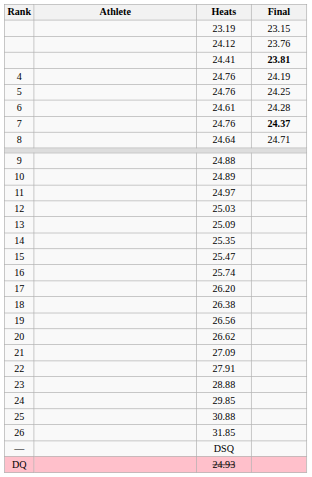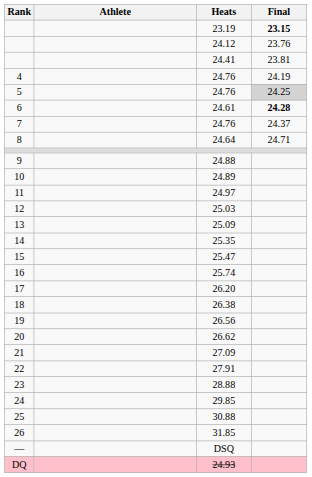 <table class=wikitable style="text-align:center">
 <tr>
 <th width=40>Rank</th>
 <th width=250>Athlete</th>
 <th width=80>Heats</th>
 <th width=80>Final</th>
 </tr>
 <tr>
 <td></td>
 <td align=left></td>
 <td>23.19</td>
-<td>23.15</td>
+<td><strong>23.15</strong></td>
 </tr>
 <tr>
 <td></td>
 <td align=left></td>
 <td>24.12</td>
 <td>23.76</td>
 </tr>
 <tr>
 <td></td>
 <td align=left></td>
 <td>24.41</td>
-<td><strong>23.81</strong></td>
+<td>23.81</td>
 </tr>
 <tr>
 <td>4</td>
 <td align=left></td>
 <td>24.76</td>
 <td>24.19</td>
 </tr>
 <tr>
 <td>5</td>
 <td align=left></td>
 <td>24.76</td>
-<td>24.25</td>
+<td style="background: lightgrey;">24.25</td>
 </tr>
 <tr>
 <td>6</td>
 <td align=left></td>
 <td>24.61</td>
-<td>24.28</td>
+<td><strong>24.28</strong></td>
 </tr>
 <tr>
 <td>7</td>
 <td align=left></td>
 <td>24.76</td>
-<td><strong>24.37</strong></td>
+<td>24.37</td>
 </tr>
 <tr>
 <td>8</td>
 <td align=left></td>
 <td>24.64</td>
 <td>24.71</td>
 </tr>
 <tr bgcolor=#DDDDDD>
 <td colspan=4></td>
 </tr>
 <tr>
 <td>9</td>
 <td align=left></td>
 <td>24.88</td>
 <td></td>
 </tr>
 <tr>
 <td>10</td>
 <td align=left></td>
 <td>24.89</td>
 <td></td>
 </tr>
 <tr>
 <td>11</td>
 <td align=left></td>
 <td>24.97</td>
 <td></td>
 </tr>
 <tr>
 <td>12</td>
 <td align=left></td>
 <td>25.03</td>
 <td></td>
 </tr>
 <tr>
 <td>13</td>
 <td align=left></td>
 <td>25.09</td>
 <td></td>
 </tr>
 <tr>
 <td>14</td>
 <td align=left></td>
 <td>25.35</td>
 <td></td>
 </tr>
 <tr>
 <td>15</td>
 <td align=left></td>
 <td>25.47</td>
 <td></td>
 </tr>
 <tr>
 <td>16</td>
 <td align=left></td>
 <td>25.74</td>
 <td></td>
 </tr>
 <tr>
 <td>17</td>
 <td align=left></td>
 <td>26.20</td>
 <td></td>
 </tr>
 <tr>
 <td>18</td>
 <td align=left></td>
 <td>26.38</td>
 <td></td>
 </tr>
 <tr>
 <td>19</td>
 <td align=left></td>
 <td>26.56</td>
 <td></td>
 </tr>
 <tr>
 <td>20</td>
 <td align=left></td>
 <td>26.62</td>
 <td></td>
 </tr>
 <tr>
 <td>21</td>
 <td align=left></td>
 <td>27.09</td>
 <td></td>
 </tr>
 <tr>
 <td>22</td>
 <td align=left></td>
 <td>27.91</td>
 <td></td>
 </tr>
 <tr>
 <td>23</td>
 <td align=left></td>
 <td>28.88</td>
 <td></td>
 </tr>
 <tr>
 <td>24</td>
 <td align=left></td>
 <td>29.85</td>
 <td></td>
 </tr>
 <tr>
 <td>25</td>
 <td align=left></td>
 <td>30.88</td>
 <td></td>
 </tr>
 <tr>
 <td>26</td>
 <td align=left></td>
 <td>31.85</td>
 <td></td>
 </tr>
 <tr>
 <td>—</td>
 <td align=left></td>
 <td>DSQ</td>
 <td></td>
 </tr>
 <tr bgcolor=pink>
 <td>DQ</td>
 <td align=left></td>
 <td><s>24.93</s></td>
 <td></td>
 </tr>
 </table>
